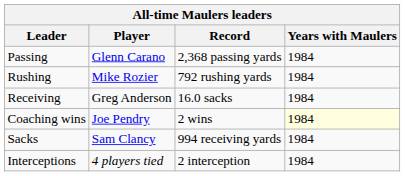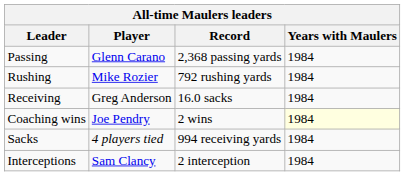 <table class="wikitable">
 <tr>
 <th colspan="5">All-time Maulers leaders</th>
 </tr>
 <tr>
 <th>Leader</th>
 <th>Player</th>
 <th>Record</th>
 <th>Years with Maulers</th>
 </tr>
 <tr>
 <td>Passing</td>
 <td><a href='#'>Glenn Carano</a></td>
 <td>2,368 passing yards</td>
 <td>1984</td>
 </tr>
 <tr>
 <td>Rushing</td>
 <td><a href='#'>Mike Rozier</a></td>
 <td>792 rushing yards</td>
 <td>1984</td>
 </tr>
 <tr>
 <td>Receiving</td>
 <td>Greg Anderson</td>
 <td>16.0 sacks</td>
 <td>1984</td>
 </tr>
 <tr>
 <td>Coaching wins</td>
 <td><a href='#'>Joe Pendry</a></td>
 <td>2 wins</td>
 <td style="background: lightyellow;">1984</td>
 </tr>
 <tr>
 <td>Sacks</td>
-<td><a href='#'>Sam Clancy</a></td>
+<td><em>4 players tied</em></td>
 <td>994 receiving yards</td>
 <td>1984</td>
 </tr>
 <tr>
 <td>Interceptions</td>
-<td><em>4 players tied</em></td>
+<td><a href='#'>Sam Clancy</a></td>
 <td>2 interception</td>
 <td>1984</td>
 </tr>
 </table>
